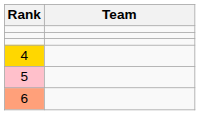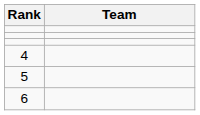 <table class="wikitable sortable" style="text-align:center">
 <tr>
 <th data-sort-type="number">Rank</th>
 <th style="width:170px;">Team</th>
 </tr>
 <tr>
 <td></td>
 <td align=left></td>
 </tr>
 <tr>
 <td></td>
 <td align=left></td>
 </tr>
 <tr>
 <td></td>
 <td align=left></td>
 </tr>
 <tr>
-<td style="background: gold;">4</td>
+<td>4</td>
 <td align=left></td>
 </tr>
 <tr>
-<td style="background: pink;">5</td>
+<td>5</td>
 <td align=left></td>
 </tr>
 <tr>
-<td style="background: lightsalmon;">6</td>
+<td>6</td>
 <td align=left></td>
 </tr>
 </table>
